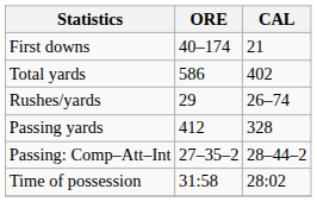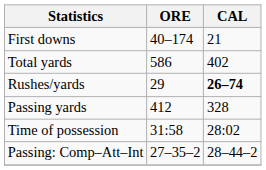 <table class="wikitable" style="float: left;">
 <tr>
 <th>Statistics</th>
 <th>ORE</th>
 <th>CAL</th>
 </tr>
 <tr>
 <td>First downs</td>
 <td>40–174</td>
 <td>21</td>
 </tr>
 <tr>
 <td>Total yards</td>
 <td>586</td>
 <td>402</td>
 </tr>
 <tr>
 <td>Rushes/yards</td>
 <td>29</td>
-<td>26–74</td>
+<td><strong>26–74</strong></td>
 </tr>
 <tr>
 <td>Passing yards</td>
 <td>412</td>
 <td>328</td>
 </tr>
 <tr>
+<td>Time of possession</td>
+<td>31:58</td>
+<td>28:02</td>
+</tr>
+<tr>
 <td>Passing: Comp–Att–Int</td>
 <td>27–35–2</td>
 <td>28–44–2</td>
 </tr>
 <tr>
-<td>Time of possession</td>
-<td>31:58</td>
-<td>28:02</td>
-</tr>
-<tr>
 </tr>
 </table>
